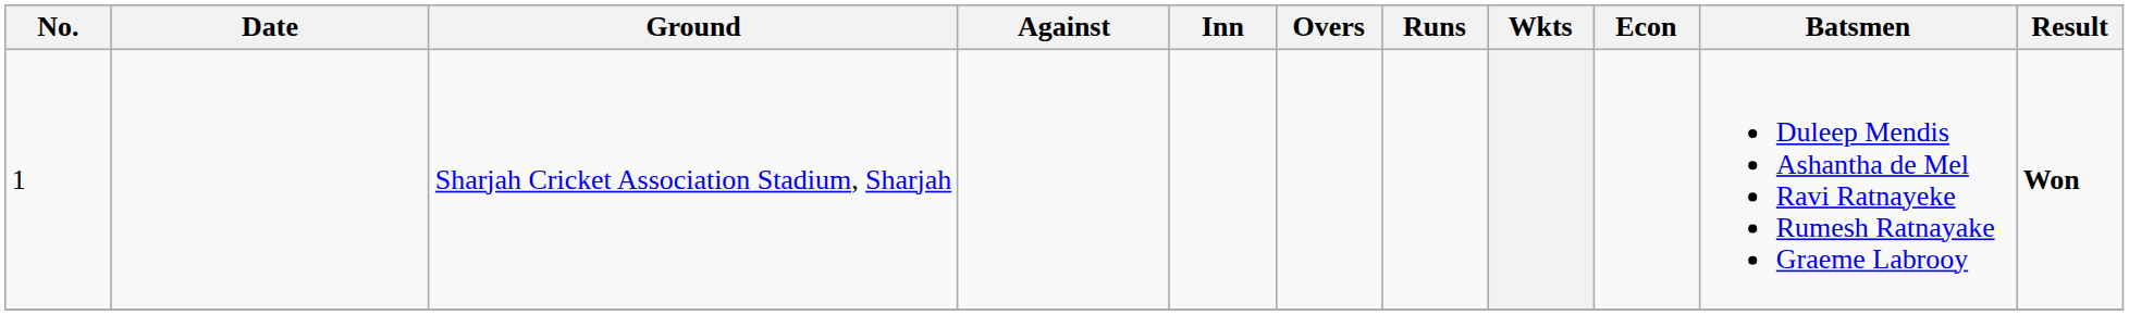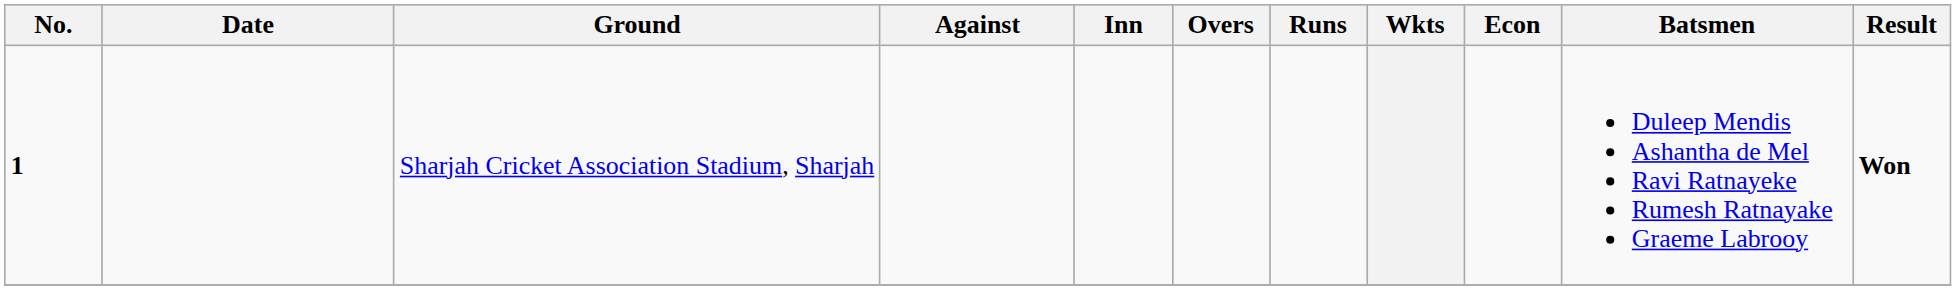 <table class="wikitable plainrowheaders">
 <tr>
 <th style="width:5%;">No.</th>
 <th style="width:15%;">Date</th>
 <th style="width:25%;">Ground</th>
 <th style="width:10%;">Against</th>
 <th style="width:5%;">Inn</th>
 <th style="width:5%;">Overs</th>
 <th style="width:5%;">Runs</th>
 <th style="width:5%;">Wkts</th>
 <th style="width:5%;">Econ</th>
 <th style="width:15%;">Batsmen</th>
 <th style="width:5%;">Result</th>
 </tr>
 <tr>
-<td>1</td>
+<td><strong>1</strong></td>
 <td></td>
 <td><a href='#'>Sharjah Cricket Association Stadium</a>, <a href='#'>Sharjah</a></td>
 <td></td>
 <td></td>
 <td></td>
 <td></td>
 <th scope="row"></th>
 <td></td>
 <td><br><ul><li><a href='#'>Duleep Mendis</a></li><li><a href='#'>Ashantha de Mel</a></li><li><a href='#'>Ravi Ratnayeke</a></li><li><a href='#'>Rumesh Ratnayake</a></li><li><a href='#'>Graeme Labrooy</a></li></ul></td>
 <td><strong>Won</strong></td>
 </tr>
 <tr>
 </tr>
 </table>
